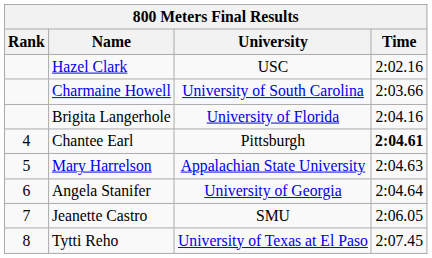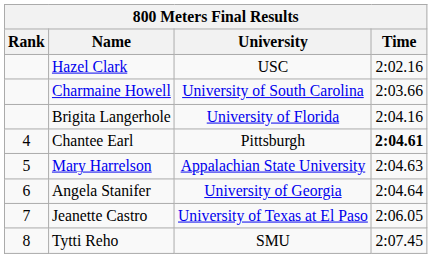 <table class="wikitable sortable" style="text-align:center">
 <tr>
 <th colspan="4">800 Meters Final Results</th>
 </tr>
 <tr>
 <th>Rank</th>
 <th>Name</th>
 <th>University</th>
 <th>Time</th>
 </tr>
 <tr>
 <td></td>
 <td align=left><a href='#'>Hazel Clark</a></td>
 <td>USC</td>
 <td>2:02.16</td>
 </tr>
 <tr>
 <td></td>
 <td align=left><a href='#'>Charmaine Howell</a></td>
 <td><a href='#'>University of South Carolina</a></td>
 <td>2:03.66</td>
 </tr>
 <tr>
 <td></td>
 <td align=left>Brigita Langerhole</td>
 <td><a href='#'>University of Florida</a></td>
 <td>2:04.16</td>
 </tr>
 <tr>
 <td>4</td>
 <td align=left>Chantee Earl</td>
 <td>Pittsburgh</td>
 <td><strong>2:04.61</strong></td>
 </tr>
 <tr>
 <td>5</td>
 <td align=left><a href='#'>Mary Harrelson</a></td>
 <td><a href='#'>Appalachian State University</a></td>
 <td>2:04.63</td>
 </tr>
 <tr>
 <td>6</td>
 <td align=left>Angela Stanifer</td>
 <td><a href='#'>University of Georgia</a></td>
 <td>2:04.64</td>
 </tr>
 <tr>
 <td>7</td>
 <td align=left>Jeanette Castro</td>
-<td>SMU</td>
+<td><a href='#'>University of Texas at El Paso</a></td>
 <td>2:06.05</td>
 </tr>
 <tr>
 <td>8</td>
 <td align=left>Tytti Reho</td>
-<td><a href='#'>University of Texas at El Paso</a></td>
+<td>SMU</td>
 <td>2:07.45</td>
 </tr>
 </table>
